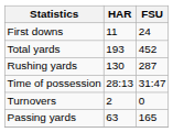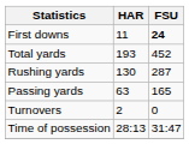 <table class="wikitable" style="float: left;">
 <tr>
 <th>Statistics</th>
 <th>HAR</th>
 <th>FSU</th>
 </tr>
 <tr>
 <td>First downs</td>
 <td>11</td>
-<td>24</td>
+<td><strong>24</strong></td>
 </tr>
 <tr>
 <td>Total yards</td>
 <td>193</td>
 <td>452</td>
 </tr>
 <tr>
 <td>Rushing yards</td>
 <td>130</td>
 <td>287</td>
 </tr>
 <tr>
-<td>Time of possession</td>
-<td>28:13</td>
-<td>31:47</td>
+<td>Passing yards</td>
+<td>63</td>
+<td>165</td>
 </tr>
 <tr>
 <td>Turnovers</td>
 <td>2</td>
 <td>0</td>
 </tr>
 <tr>
-<td>Passing yards</td>
-<td>63</td>
-<td>165</td>
+<td>Time of possession</td>
+<td>28:13</td>
+<td>31:47</td>
 </tr>
 <tr>
 </tr>
 </table>
